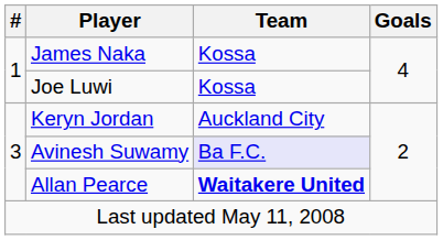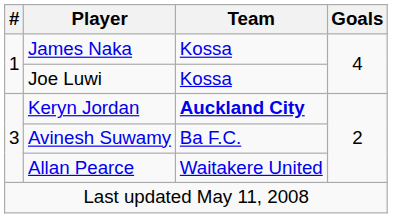 <table class="wikitable" style="text-align: center;">
 <tr>
 <th>#</th>
 <th>Player</th>
 <th>Team</th>
 <th>Goals</th>
 </tr>
 <tr>
 <td rowspan="2">1</td>
 <td align="left"> <a href='#'>James Naka</a></td>
 <td align="left"> <a href='#'>Kossa</a></td>
 <td rowspan="2">4</td>
 </tr>
 <tr>
 <td align="left"> Joe Luwi</td>
 <td align="left"> <a href='#'>Kossa</a></td>
 </tr>
 <tr>
 <td rowspan="3">3</td>
 <td align="left"> <a href='#'>Keryn Jordan</a></td>
-<td align="left"> <a href='#'>Auckland City</a></td>
+<td align="left"><strong> <a href='#'>Auckland City</a></strong></td>
 <td rowspan="3">2</td>
 </tr>
 <tr>
 <td align="left"> <a href='#'>Avinesh Suwamy</a></td>
-<td align="left" style="background: lavender;"> <a href='#'>Ba F.C.</a></td>
+<td align="left"> <a href='#'>Ba F.C.</a></td>
 </tr>
 <tr>
 <td align="left"> <a href='#'>Allan Pearce</a></td>
-<td align="left"><strong> <a href='#'>Waitakere United</a></strong></td>
+<td align="left"> <a href='#'>Waitakere United</a></td>
 </tr>
 <tr>
 <td colspan="4">Last updated May 11, 2008</td>
 </tr>
 </table>
